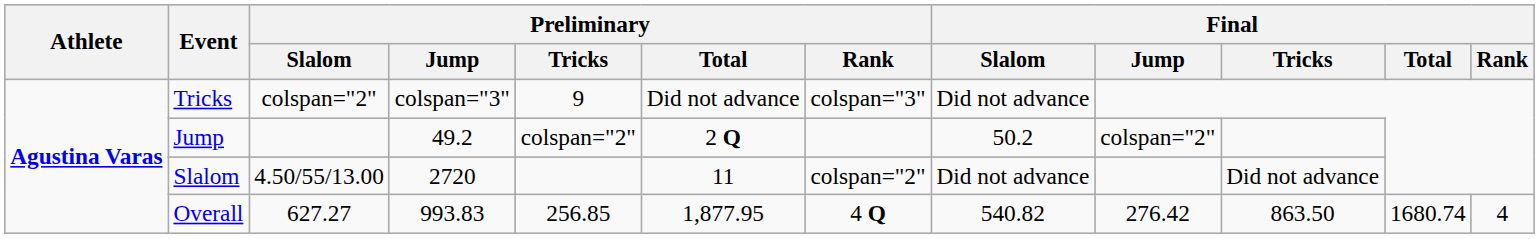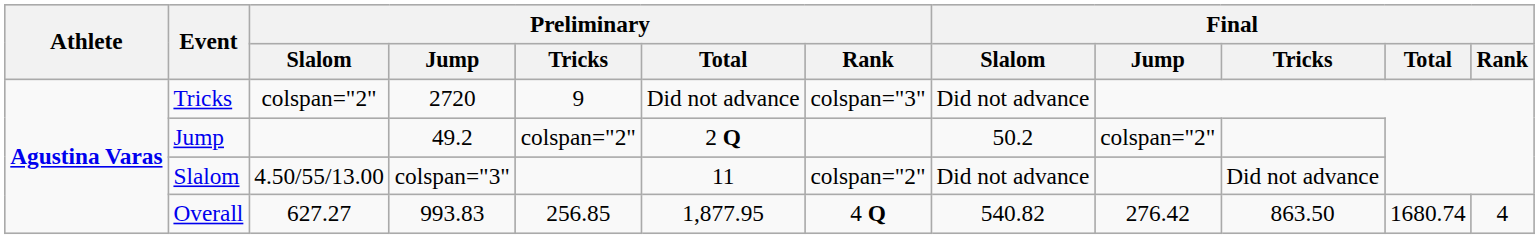 <table class=wikitable style=font-size:90%;text-align:center>
 <tr>
 <th rowspan=2>Athlete</th>
 <th rowspan=2>Event</th>
 <th colspan=5>Preliminary</th>
 <th colspan=5>Final</th>
 </tr>
 <tr style=font-size:95%>
 <th>Slalom</th>
 <th>Jump</th>
 <th>Tricks</th>
 <th>Total</th>
 <th>Rank</th>
 <th>Slalom</th>
 <th>Jump</th>
 <th>Tricks</th>
 <th>Total</th>
 <th>Rank</th>
 </tr>
 <tr>
 <td style="text-align:left" rowspan=4><strong><a href='#'>Agustina Varas</a></strong></td>
 <td style="text-align:left"><a href='#'>Tricks</a></td>
 <td>colspan="2" </td>
-<td>colspan="3" </td>
+<td>2720</td>
 <td>9</td>
 <td>Did not advance</td>
 <td>colspan="3" </td>
 <td>Did not advance</td>
 </tr>
 <tr>
 <td style="text-align:left"><a href='#'>Jump</a></td>
 <td></td>
 <td>49.2</td>
 <td>colspan="2" </td>
 <td>2 <strong>Q</strong></td>
 <td></td>
 <td>50.2</td>
 <td>colspan="2" </td>
 <td></td>
 </tr>
 <tr>
 <td style="text-align:left"><a href='#'>Slalom</a></td>
 <td>4.50/55/13.00</td>
-<td>2720</td>
+<td>colspan="3" </td>
 <td></td>
 <td>11</td>
 <td>colspan="2" </td>
 <td>Did not advance</td>
 <td></td>
 <td>Did not advance</td>
 </tr>
 <tr>
 <td style="text-align:left"><a href='#'>Overall</a></td>
 <td>627.27</td>
 <td>993.83</td>
 <td>256.85</td>
 <td>1,877.95</td>
 <td>4 <strong>Q</strong></td>
 <td>540.82</td>
 <td>276.42</td>
 <td>863.50</td>
 <td>1680.74</td>
 <td>4</td>
 </tr>
 </table>
